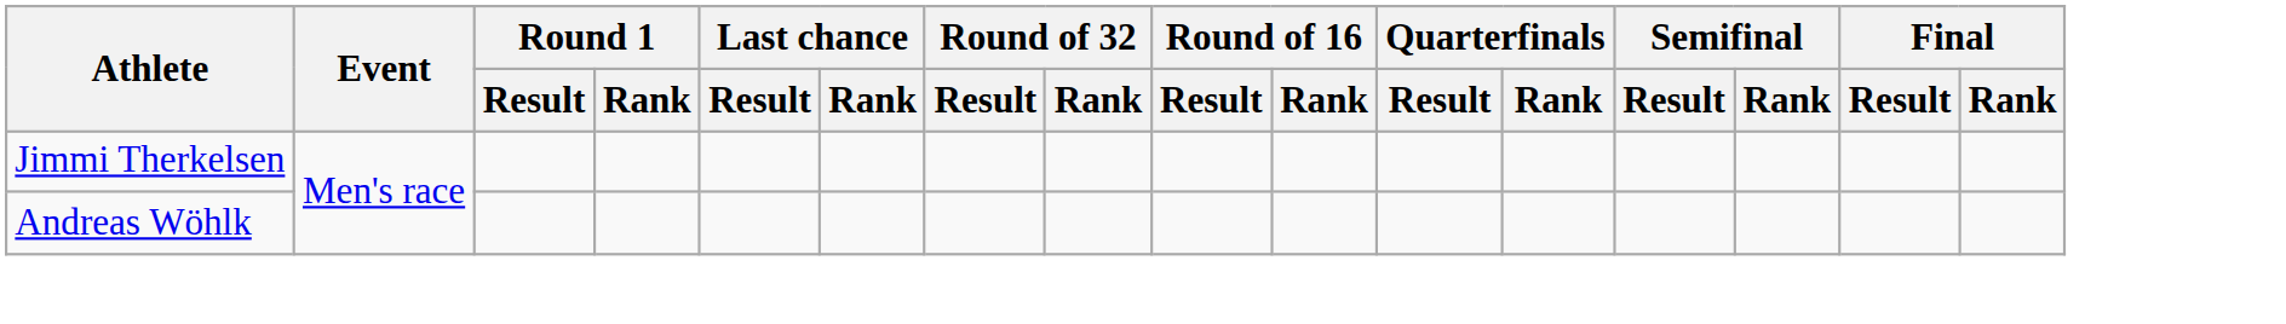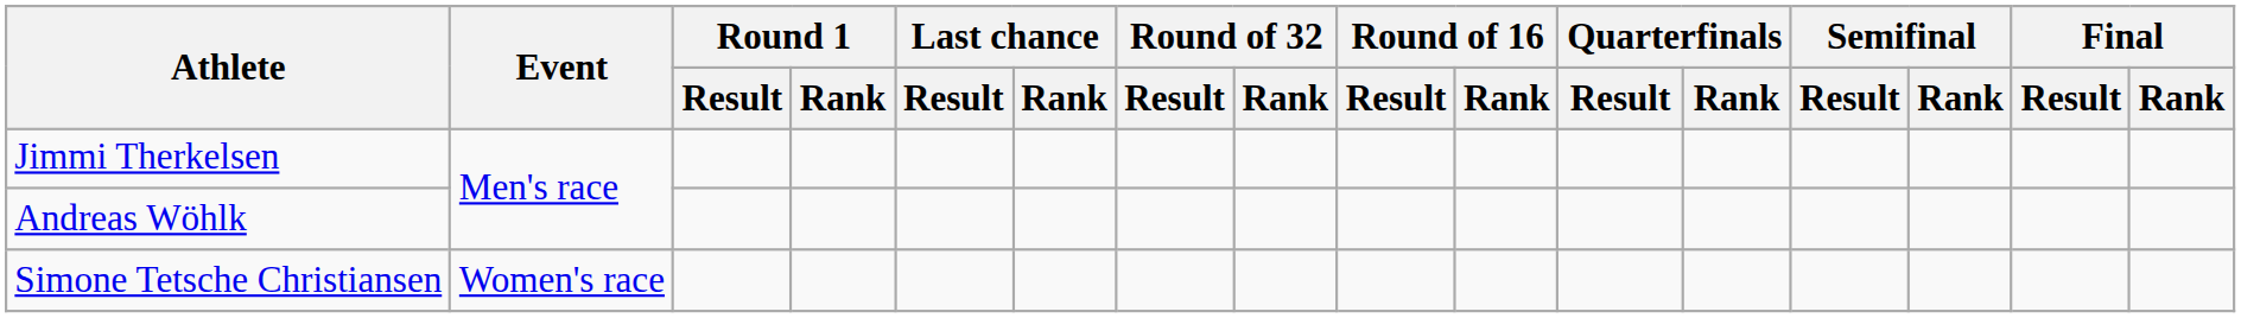 <table class="wikitable" style="font-size:90%">
 <tr>
 <th rowspan=2>Athlete</th>
 <th rowspan=2>Event</th>
 <th colspan=2>Round 1</th>
 <th colspan=2>Last chance</th>
 <th colspan=2>Round of 32</th>
 <th colspan=2>Round of 16</th>
 <th colspan=2>Quarterfinals</th>
 <th colspan=2>Semifinal</th>
 <th colspan=2>Final</th>
 </tr>
 <tr>
 <th>Result</th>
 <th>Rank</th>
 <th>Result</th>
 <th>Rank</th>
 <th>Result</th>
 <th>Rank</th>
 <th>Result</th>
 <th>Rank</th>
 <th>Result</th>
 <th>Rank</th>
 <th>Result</th>
 <th>Rank</th>
 <th>Result</th>
 <th>Rank</th>
 </tr>
 <tr align=center>
 <td align=left><a href='#'>Jimmi Therkelsen</a></td>
 <td align=left rowspan=2><a href='#'>Men's race</a></td>
 <td></td>
 <td></td>
 <td></td>
 <td></td>
 <td></td>
 <td></td>
 <td></td>
 <td></td>
 <td></td>
 <td></td>
 <td></td>
 <td></td>
 <td></td>
 <td></td>
 </tr>
 <tr align=center>
 <td align=left><a href='#'>Andreas Wöhlk</a></td>
 <td></td>
 <td></td>
 <td></td>
 <td></td>
 <td></td>
 <td></td>
 <td></td>
 <td></td>
 <td></td>
 <td></td>
 <td></td>
 <td></td>
 <td></td>
 <td></td>
 </tr>
+<tr align=center>
+<td align=left><a href='#'>Simone Tetsche Christiansen</a></td>
+<td align=left><a href='#'>Women's race</a></td>
+<td></td>
+<td></td>
+<td></td>
+<td></td>
+<td></td>
+<td></td>
+<td></td>
+<td></td>
+<td></td>
+<td></td>
+<td></td>
+<td></td>
+<td></td>
+<td></td>
+</tr>
 </table>
